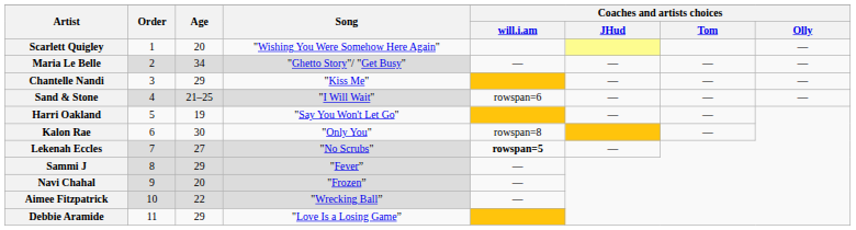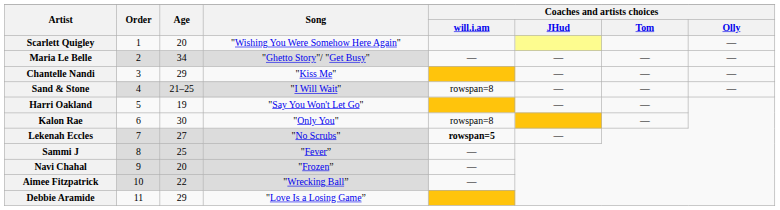 <table class="wikitable" style="text-align:center; width:100%;">
 <tr>
 </tr>
 <tr>
 <th scope="col" rowspan="2" style="width:13%;">Artist</th>
 <th scope="col" rowspan="2" style="width:05%;">Order</th>
 <th scope="col" rowspan="2" style="width:05%;">Age</th>
 <th scope="col" rowspan="2" style="width:26%;">Song</th>
 <th colspan="4" style="width:40%;">Coaches and artists choices</th>
 </tr>
 <tr>
 <th style="width:10%;"><a href='#'>will.i.am</a></th>
 <th style="width:10%;"><a href='#'>JHud</a></th>
 <th style="width:10%;"><a href='#'>Tom</a></th>
 <th style="width:10%;"><a href='#'>Olly</a></th>
 </tr>
 <tr>
 <th scope="row"><div> Scarlett Quigley </div></th>
 <td>1</td>
 <td>20</td>
 <td>"<a href='#'>Wishing You Were Somehow Here Again</a>"</td>
 <td><strong></strong></td>
 <td style="background:#fdfc8f;"><strong></strong></td>
 <td><strong></strong></td>
 <td>—</td>
 </tr>
 <tr>
 <th scope="row"><div> Maria Le Belle </div></th>
 <td style="background:#DCDCDC; text-align:center;">2</td>
 <td style="background:#DCDCDC; text-align:center;">34</td>
 <td style="background:#DCDCDC; text-align:center;">"<a href='#'>Ghetto Story</a>"/ "<a href='#'>Get Busy</a>"</td>
 <td>—</td>
 <td>—</td>
 <td>—</td>
 <td>—</td>
 </tr>
 <tr>
 <th scope="row"><div> Chantelle Nandi </div></th>
 <td>3</td>
 <td>29</td>
 <td>"<a href='#'>Kiss Me</a>"</td>
 <td style="background:#FFC40C;text-align:center;"><strong></strong></td>
 <td>—</td>
 <td>—</td>
 <td>—</td>
 </tr>
 <tr>
 <th scope="row"><div> Sand & Stone </div></th>
 <td style="background:#DCDCDC; text-align:center;">4</td>
 <td style="background:#DCDCDC; text-align:center;">21–25</td>
 <td style="background:#DCDCDC; text-align:center;">"<a href='#'>I Will Wait</a>"</td>
-<td>rowspan=6 </td>
+<td>rowspan=8 </td>
 <td>—</td>
 <td>—</td>
 <td>—</td>
 </tr>
 <tr>
 <th scope="row"><div> Harri Oakland </div></th>
 <td>5</td>
 <td>19</td>
 <td>"<a href='#'>Say You Won't Let Go</a>"</td>
 <td style="background:#FFC40C;text-align:center;"><strong></strong></td>
 <td>—</td>
 <td>—</td>
 </tr>
 <tr>
 <th scope="row"><div> Kalon Rae </div></th>
 <td>6</td>
 <td>30</td>
 <td>"<a href='#'>Only You</a>"</td>
 <td>rowspan=8 </td>
 <td style="background:#FFC40C;text-align:center;"><strong></strong></td>
 <td>—</td>
 </tr>
 <tr>
 <th scope="row"><div> Lekenah Eccles </div></th>
 <td style="background:#DCDCDC; text-align:center;">7</td>
 <td style="background:#DCDCDC; text-align:center;">27</td>
 <td style="background:#DCDCDC; text-align:center;">"<a href='#'>No Scrubs</a>"</td>
 <td><strong>rowspan=5 </strong></td>
 <td>—</td>
 </tr>
 <tr>
 <th scope="row"><div> Sammi J </div></th>
 <td style="background:#DCDCDC; text-align:center;">8</td>
-<td style="background:#DCDCDC; text-align:center;">29</td>
+<td style="background:#DCDCDC; text-align:center;">25</td>
 <td style="background:#DCDCDC; text-align:center;">"<a href='#'>Fever</a>”</td>
 <td>—</td>
 </tr>
 <tr>
 <th scope="row"><div>  Navi Chahal </div></th>
 <td style="background:#DCDCDC; text-align:center;">9</td>
 <td style="background:#DCDCDC; text-align:center;">20</td>
 <td style="background:#DCDCDC; text-align:center;">"<a href='#'>Frozen</a>”</td>
 <td>—</td>
 </tr>
 <tr>
 <th scope="row"><div>  Aimee Fitzpatrick </div></th>
 <td style="background:#DCDCDC; text-align:center;">10</td>
 <td style="background:#DCDCDC; text-align:center;">22</td>
 <td style="background:#DCDCDC; text-align:center;">"<a href='#'>Wrecking Ball</a>”</td>
 <td>—</td>
 </tr>
 <tr>
 <th scope="row"><div>  Debbie Aramide </div></th>
 <td>11</td>
 <td>29</td>
 <td>"<a href='#'>Love Is a Losing Game</a>”</td>
 <td style="background:#FFC40C;text-align:center;"><strong></strong></td>
 </tr>
 </table>
